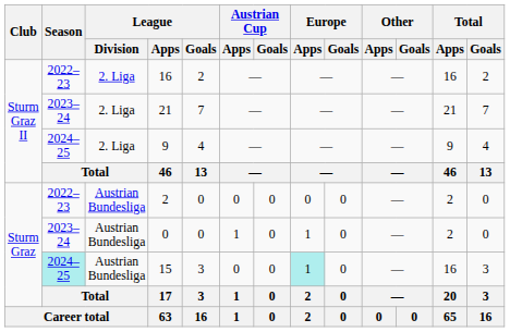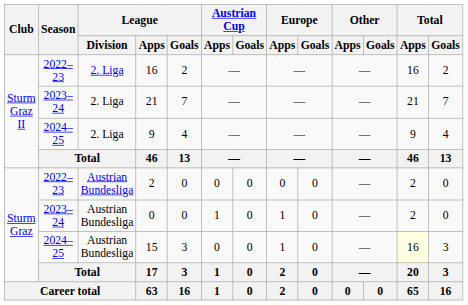 <table class="wikitable" style="text-align: center;">
 <tr>
 <th rowspan="2">Club</th>
 <th rowspan="2">Season</th>
 <th colspan="3">League</th>
 <th colspan="2"><a href='#'>Austrian Cup</a></th>
 <th colspan="2">Europe</th>
 <th colspan="2">Other</th>
 <th colspan="2">Total</th>
 </tr>
 <tr>
 <th>Division</th>
 <th>Apps</th>
 <th>Goals</th>
 <th>Apps</th>
 <th>Goals</th>
 <th>Apps</th>
 <th>Goals</th>
 <th>Apps</th>
 <th>Goals</th>
 <th>Apps</th>
 <th>Goals</th>
 </tr>
 <tr>
 <td rowspan="4"><a href='#'>Sturm Graz II</a></td>
 <td><a href='#'>2022–23</a></td>
 <td><a href='#'>2. Liga</a></td>
 <td>16</td>
 <td>2</td>
 <td colspan="2">—</td>
 <td colspan="2">—</td>
 <td colspan="2">—</td>
 <td>16</td>
 <td>2</td>
 </tr>
 <tr>
 <td><a href='#'>2023–24</a></td>
 <td>2. Liga</td>
 <td>21</td>
 <td>7</td>
 <td colspan="2">—</td>
 <td colspan="2">—</td>
 <td colspan="2">—</td>
 <td>21</td>
 <td>7</td>
 </tr>
 <tr>
 <td><a href='#'>2024–25</a></td>
 <td>2. Liga</td>
 <td>9</td>
 <td>4</td>
 <td colspan="2">—</td>
 <td colspan="2">—</td>
 <td colspan="2">—</td>
 <td>9</td>
 <td>4</td>
 </tr>
 <tr>
 <th colspan="2">Total</th>
 <th>46</th>
 <th>13</th>
 <th colspan="2">—</th>
 <th colspan="2">—</th>
 <th colspan="2">—</th>
 <th>46</th>
 <th>13</th>
 </tr>
 <tr>
 <td rowspan="4"><a href='#'>Sturm Graz</a></td>
 <td><a href='#'>2022–23</a></td>
 <td><a href='#'>Austrian Bundesliga</a></td>
 <td>2</td>
 <td>0</td>
 <td>0</td>
 <td>0</td>
 <td>0</td>
 <td>0</td>
 <td colspan="2">—</td>
 <td>2</td>
 <td>0</td>
 </tr>
 <tr>
 <td><a href='#'>2023–24</a></td>
 <td>Austrian Bundesliga</td>
 <td>0</td>
 <td>0</td>
 <td>1</td>
 <td>0</td>
 <td>1</td>
 <td>0</td>
 <td colspan="2">—</td>
 <td>2</td>
 <td>0</td>
 </tr>
 <tr>
-<td style="background: paleturquoise;"><a href='#'>2024–25</a></td>
+<td><a href='#'>2024–25</a></td>
 <td>Austrian Bundesliga</td>
 <td>15</td>
 <td>3</td>
 <td>0</td>
 <td>0</td>
-<td style="background: paleturquoise;">1</td>
+<td>1</td>
 <td>0</td>
 <td colspan="2">—</td>
-<td>16</td>
+<td style="background: lightyellow;">16</td>
 <td>3</td>
 </tr>
 <tr>
 <th colspan="2">Total</th>
 <th>17</th>
 <th>3</th>
 <th>1</th>
 <th>0</th>
 <th>2</th>
 <th>0</th>
 <th colspan="2">—</th>
 <th>20</th>
 <th>3</th>
 </tr>
 <tr>
 <th colspan="3">Career total</th>
 <th>63</th>
 <th>16</th>
 <th>1</th>
 <th>0</th>
 <th>2</th>
 <th>0</th>
 <th>0</th>
 <th>0</th>
 <th>65</th>
 <th>16</th>
 </tr>
 </table>
